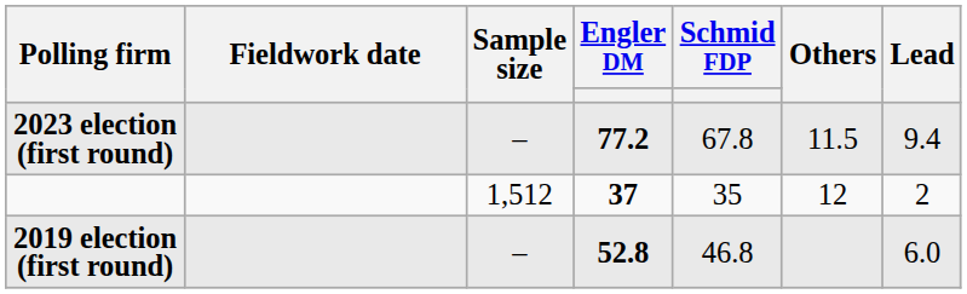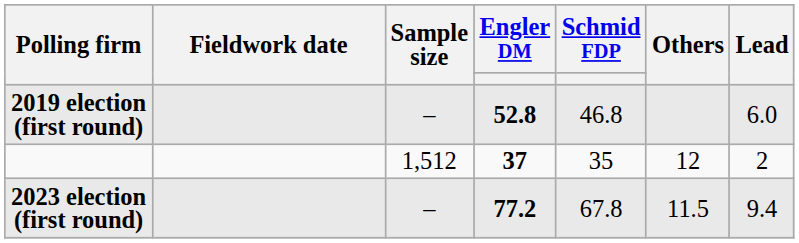 <table class="wikitable sortable" style="text-align:center;font-size:90%;line-height:14px;">
 <tr style="height:40px;">
 <th style="width:80px;" rowspan="2">Polling firm</th>
 <th style="width:130px;" rowspan="2">Fieldwork date</th>
 <th style="width:35px;" rowspan="2">Sample<br>size</th>
 <th class="unsortable" style="width:40px;"><a href='#'>Engler</a><br><small><a href='#'>DM</a></small></th>
 <th class="unsortable" style="width:40px;"><a href='#'>Schmid</a><br><small><a href='#'>FDP</a></small></th>
 <th class="unsortable" style="width:30px;" rowspan="2">Others</th>
 <th style="width:30px;" rowspan="2">Lead</th>
 </tr>
 <tr>
 <th style="background:"></th>
 <th style="background:"></th>
 </tr>
 <tr style="background:#E9E9E9;">
-<td><strong>2023 election (first round)</strong></td>
+<td><strong>2019 election (first round)</strong></td>
 <td></td>
 <td>–</td>
-<td style="background:#"><strong>77.2</strong></td>
-<td>67.8</td>
-<td>11.5</td>
-<td style="background:">9.4</td>
+<td style="background:#"><strong>52.8</strong></td>
+<td>46.8</td>
+<td></td>
+<td style="background:">6.0</td>
 </tr>
 <tr>
 <td></td>
 <td></td>
 <td>1,512</td>
 <td style="background:#"><strong>37</strong></td>
 <td>35</td>
 <td>12</td>
 <td style="background:">2</td>
 </tr>
 <tr style="background:#E9E9E9;">
-<td><strong>2019 election (first round)</strong></td>
+<td><strong>2023 election (first round)</strong></td>
 <td></td>
 <td>–</td>
-<td style="background:#"><strong>52.8</strong></td>
-<td>46.8</td>
-<td></td>
-<td style="background:">6.0</td>
+<td style="background:#"><strong>77.2</strong></td>
+<td>67.8</td>
+<td>11.5</td>
+<td style="background:">9.4</td>
 </tr>
 </table>
